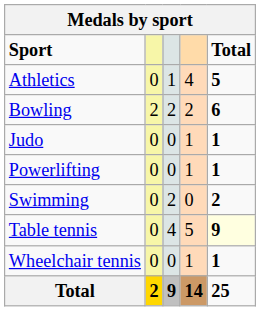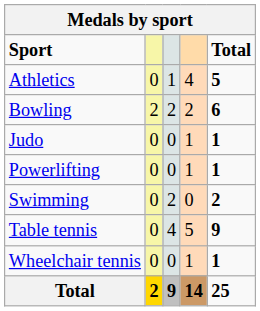 <table class=wikitable style="font-size:95%; ">
 <tr bgcolor=EFEFEF>
 <th colspan=7><strong>Medals by sport</strong></th>
 </tr>
 <tr>
 <td><strong>Sport</strong></td>
 <td bgcolor=F7F6A8></td>
 <td bgcolor=DCE5E5></td>
 <td bgcolor=FFDBA9></td>
 <td><strong>Total</strong></td>
 </tr>
 <tr>
 <td><a href='#'>Athletics</a></td>
 <td bgcolor=F7F6A8>0</td>
 <td bgcolor=DCE5E5>1</td>
 <td bgcolor=FFDAB9>4</td>
 <td><strong>5</strong></td>
 </tr>
 <tr>
 <td><a href='#'>Bowling</a></td>
 <td bgcolor=F7F6A8>2</td>
 <td bgcolor=DCE5E5>2</td>
 <td bgcolor=FFDAB9>2</td>
 <td><strong>6</strong></td>
 </tr>
 <tr>
 <td><a href='#'>Judo</a></td>
 <td bgcolor=F7F6A8>0</td>
 <td bgcolor=DCE5E5>0</td>
 <td bgcolor=FFDAB9>1</td>
 <td><strong>1</strong></td>
 </tr>
 <tr>
 <td><a href='#'>Powerlifting</a></td>
 <td bgcolor=F7F6A8>0</td>
 <td bgcolor=DCE5E5>0</td>
 <td bgcolor=FFDAB9>1</td>
 <td><strong>1</strong></td>
 </tr>
 <tr>
 <td><a href='#'>Swimming</a></td>
 <td bgcolor=F7F6A8>0</td>
 <td bgcolor=DCE5E5>2</td>
 <td bgcolor=FFDAB9>0</td>
 <td><strong>2</strong></td>
 </tr>
 <tr>
 <td><a href='#'>Table tennis</a></td>
 <td bgcolor=F7F6A8>0</td>
 <td bgcolor=DCE5E5>4</td>
 <td bgcolor=FFDAB9>5</td>
-<td style="background: lightyellow;"><strong>9</strong></td>
+<td><strong>9</strong></td>
 </tr>
 <tr>
 <td><a href='#'>Wheelchair tennis</a></td>
 <td bgcolor=F7F6A8>0</td>
 <td bgcolor=DCE5E5>0</td>
 <td bgcolor=FFDAB9>1</td>
 <td><strong>1</strong></td>
 </tr>
 <tr>
 <th><strong>Total</strong></th>
 <td style="background:gold;"><strong>2</strong></td>
 <td style="background:silver;"><strong>9</strong></td>
 <td style="background:#c96;"><strong>14</strong></td>
 <td><strong>25</strong></td>
 </tr>
 </table>
